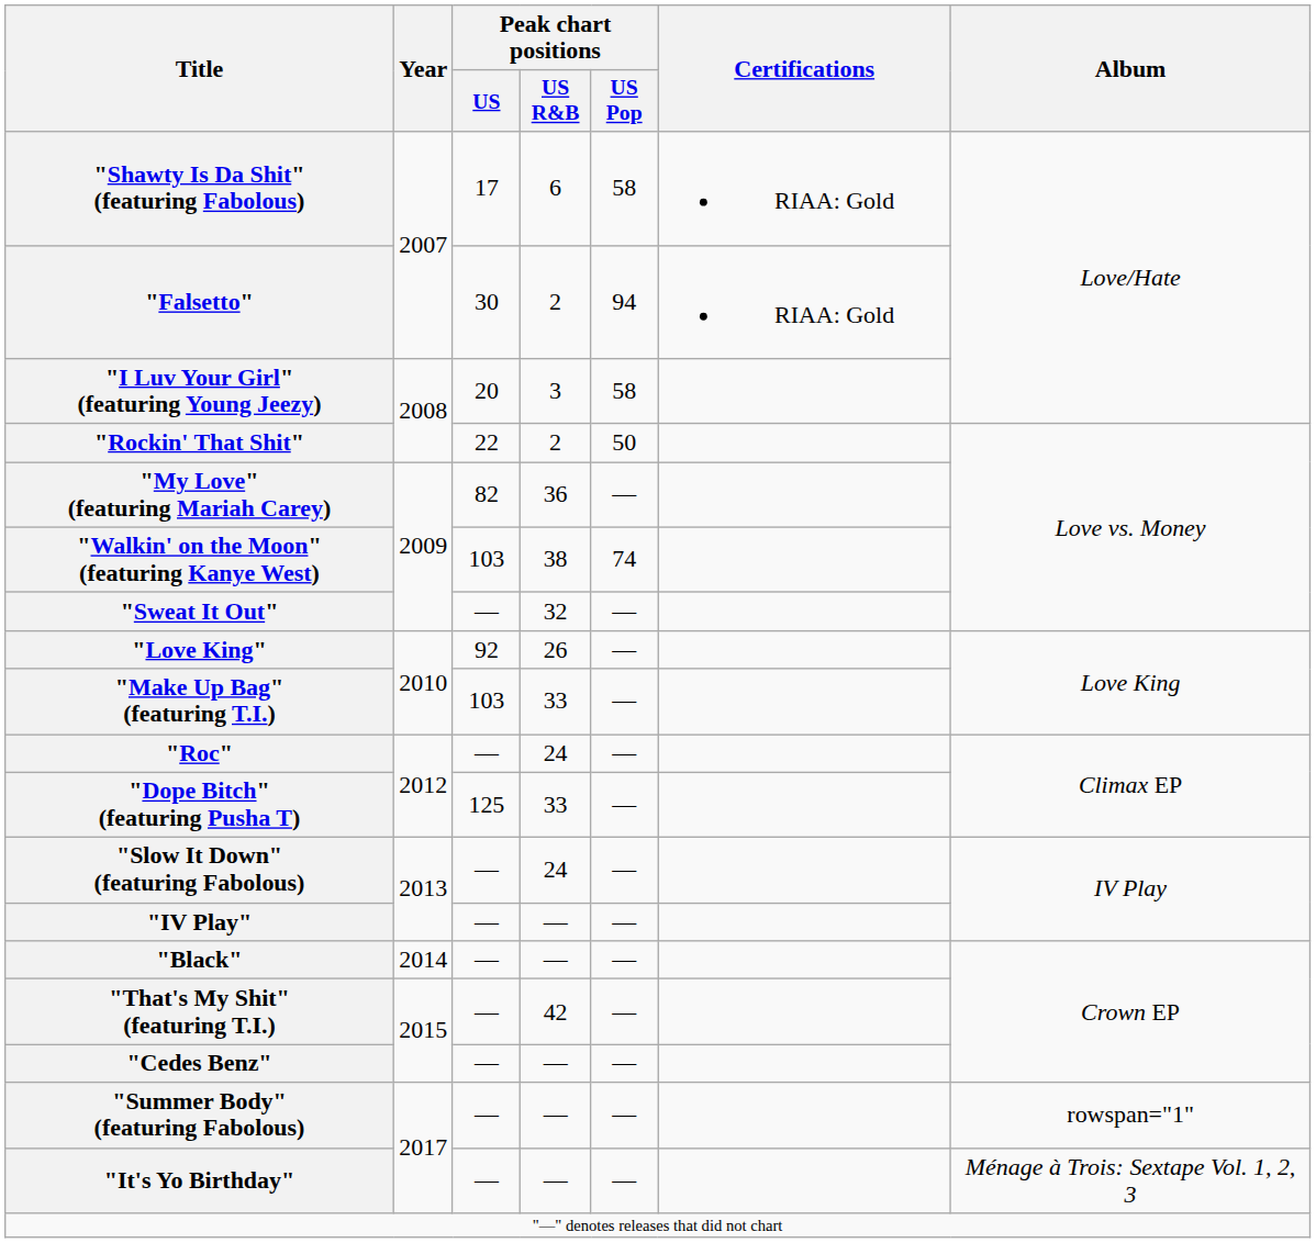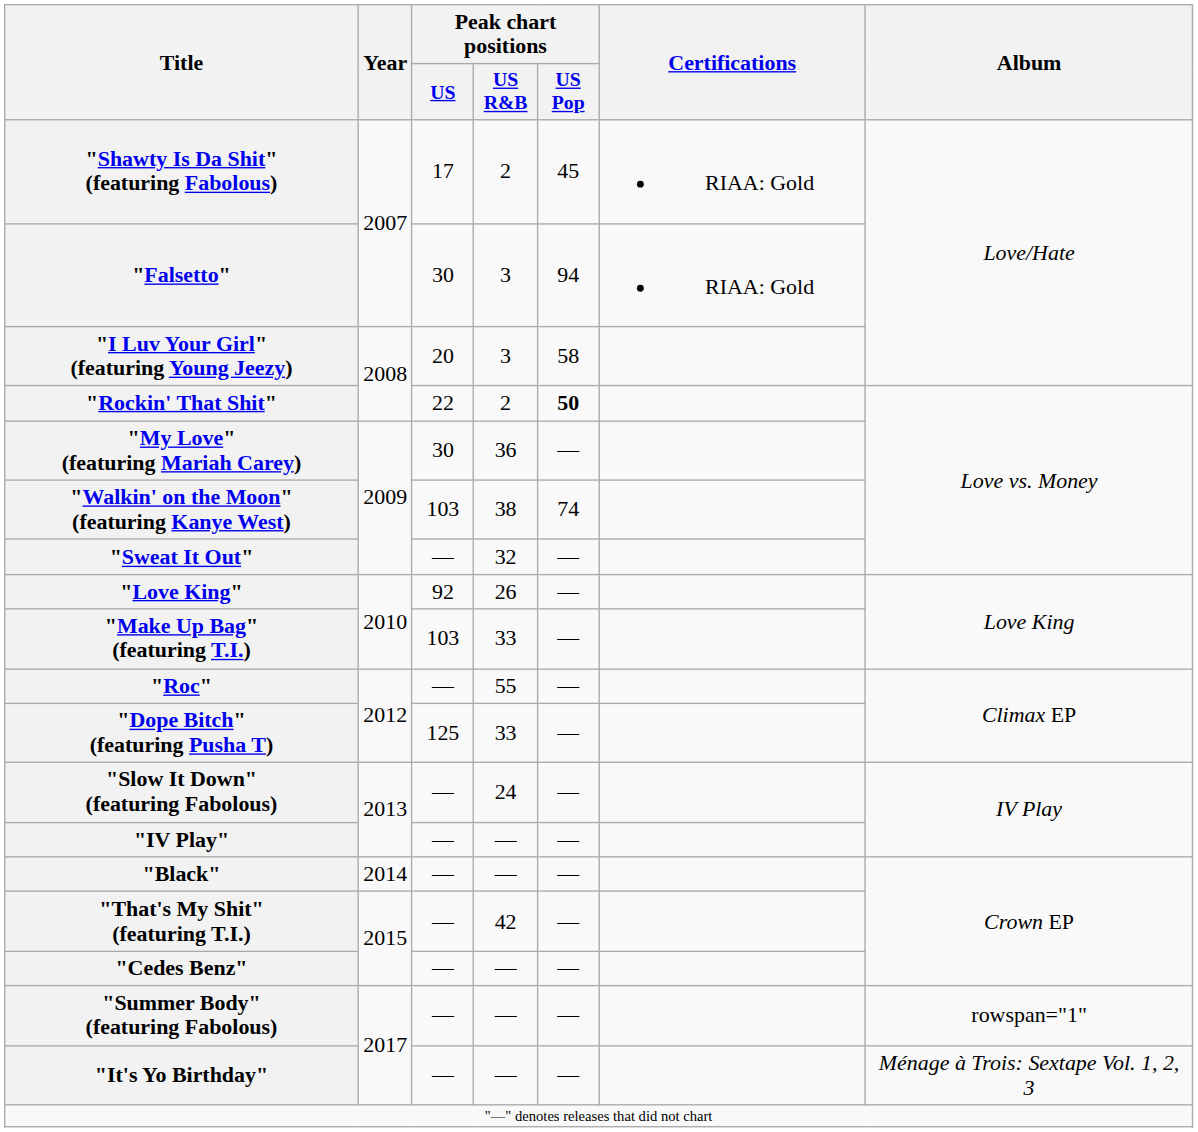 <table class="wikitable plainrowheaders" style="text-align:center;" border="1">
 <tr>
 <th scope="col" rowspan="2" style="width:20em;">Title</th>
 <th scope="col" rowspan="2" style="width:1em;">Year</th>
 <th scope="col" colspan="3">Peak chart positions</th>
 <th scope="col" rowspan="2" style="width:14em;"><a href='#'>Certifications</a></th>
 <th scope="col" rowspan="2" style="width:18em;">Album</th>
 </tr>
 <tr>
 <th scope="col" style="width:3em;font-size:90%;"><a href='#'>US</a><br></th>
 <th scope="col" style="width:3em;font-size:90%;"><a href='#'>US<br>R&B</a><br></th>
 <th scope="col" style="width:3em;font-size:90%;"><a href='#'>US<br>Pop</a><br></th>
 </tr>
 <tr>
 <th scope="row">"<a href='#'>Shawty Is Da Shit</a>"<br><span>(featuring <a href='#'>Fabolous</a>)</span></th>
 <td rowspan="2">2007</td>
 <td>17</td>
-<td>6</td>
-<td>58</td>
+<td>2</td>
+<td>45</td>
 <td><br><ul><li>RIAA: Gold</li></ul></td>
 <td rowspan="3"><em>Love/Hate</em></td>
 </tr>
 <tr>
 <th scope="row">"<a href='#'>Falsetto</a>"</th>
 <td>30</td>
-<td>2</td>
+<td>3</td>
 <td>94</td>
 <td><br><ul><li>RIAA: Gold</li></ul></td>
 </tr>
 <tr>
 <th scope="row">"<a href='#'>I Luv Your Girl</a>"<br><span>(featuring <a href='#'>Young Jeezy</a>)</span></th>
 <td rowspan="2">2008</td>
 <td>20</td>
 <td>3</td>
 <td>58</td>
 <td></td>
 </tr>
 <tr>
 <th scope="row">"<a href='#'>Rockin' That Shit</a>"</th>
 <td>22</td>
 <td>2</td>
-<td>50</td>
+<td><strong>50</strong></td>
 <td></td>
 <td rowspan="4"><em>Love vs. Money</em></td>
 </tr>
 <tr>
 <th scope="row">"<a href='#'>My Love</a>"<br><span>(featuring <a href='#'>Mariah Carey</a>)</span></th>
 <td rowspan="3">2009</td>
-<td>82</td>
+<td>30</td>
 <td>36</td>
 <td>—</td>
 <td></td>
 </tr>
 <tr>
 <th scope="row">"<a href='#'>Walkin' on the Moon</a>"<br><span>(featuring <a href='#'>Kanye West</a>)</span></th>
 <td>103</td>
 <td>38</td>
 <td>74</td>
 <td></td>
 </tr>
 <tr>
 <th scope="row">"<a href='#'>Sweat It Out</a>"</th>
 <td>—</td>
 <td>32</td>
 <td>—</td>
 <td></td>
 </tr>
 <tr>
 <th scope="row">"<a href='#'>Love King</a>"</th>
 <td rowspan="2">2010</td>
 <td>92</td>
 <td>26</td>
 <td>—</td>
 <td></td>
 <td rowspan="2"><em>Love King</em></td>
 </tr>
 <tr>
 <th scope="row">"<a href='#'>Make Up Bag</a>"<br><span>(featuring <a href='#'>T.I.</a>)</span></th>
 <td>103</td>
 <td>33</td>
 <td>—</td>
 <td></td>
 </tr>
 <tr>
 <th scope="row">"<a href='#'>Roc</a>"</th>
 <td rowspan="2">2012</td>
 <td>—</td>
-<td>24</td>
+<td>55</td>
 <td>—</td>
 <td></td>
 <td rowspan="2"><em>Climax</em> EP</td>
 </tr>
 <tr>
 <th scope="row">"<a href='#'>Dope Bitch</a>" <br><span>(featuring <a href='#'>Pusha T</a>)</span></th>
 <td>125</td>
 <td>33</td>
 <td>—</td>
 </tr>
 <tr>
 <th scope="row">"Slow It Down"<br><span>(featuring Fabolous)</span></th>
 <td rowspan="2">2013</td>
 <td>—</td>
 <td>24</td>
 <td>—</td>
 <td></td>
 <td rowspan="2"><em>IV Play</em></td>
 </tr>
 <tr>
 <th scope="row">"IV Play"</th>
 <td>—</td>
 <td>—</td>
 <td>—</td>
 <td></td>
 </tr>
 <tr>
 <th scope="row">"Black"</th>
 <td>2014</td>
 <td>—</td>
 <td>—</td>
 <td>—</td>
 <td></td>
 <td rowspan="3"><em>Crown</em> EP</td>
 </tr>
 <tr>
 <th scope="row">"That's My Shit"<br><span>(featuring T.I.)</span></th>
 <td rowspan="2">2015</td>
 <td>—</td>
 <td>42</td>
 <td>—</td>
 </tr>
 <tr>
 <th scope="row">"Cedes Benz"</th>
 <td>—</td>
 <td>—</td>
 <td>—</td>
 <td></td>
 </tr>
 <tr>
 <th scope="row">"Summer Body"<br><span>(featuring Fabolous)</span></th>
 <td rowspan="2">2017</td>
 <td>—</td>
 <td>—</td>
 <td>—</td>
 <td></td>
 <td>rowspan="1" </td>
 </tr>
 <tr>
 <th scope="row">"It's Yo Birthday"</th>
 <td>—</td>
 <td>—</td>
 <td>—</td>
 <td></td>
 <td><em>Ménage à Trois: Sextape Vol. 1, 2, 3</em></td>
 </tr>
 <tr>
 <td colspan="10" style="font-size:8pt">"—" denotes releases that did not chart</td>
 </tr>
 </table>
